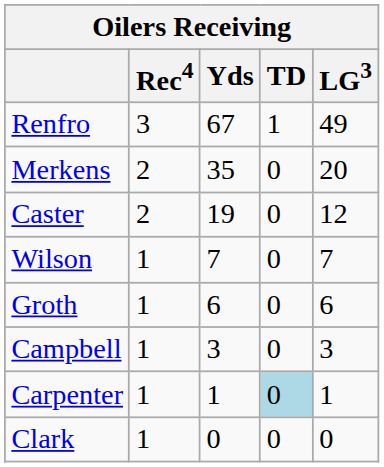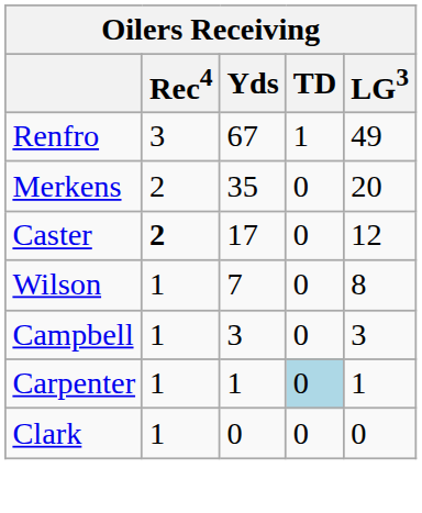 <table class="wikitable">
 <tr>
 <th colspan="5">Oilers Receiving</th>
 </tr>
 <tr>
 <th></th>
 <th>Rec<sup>4</sup></th>
 <th>Yds</th>
 <th>TD</th>
 <th>LG<sup>3</sup></th>
 </tr>
 <tr>
 <td><a href='#'>Renfro</a></td>
 <td>3</td>
 <td>67</td>
 <td>1</td>
 <td>49</td>
 </tr>
 <tr>
 <td><a href='#'>Merkens</a></td>
 <td>2</td>
 <td>35</td>
 <td>0</td>
 <td>20</td>
 </tr>
 <tr>
 <td><a href='#'>Caster</a></td>
-<td>2</td>
-<td>19</td>
+<td><strong>2</strong></td>
+<td>17</td>
 <td>0</td>
 <td>12</td>
 </tr>
 <tr>
 <td><a href='#'>Wilson</a></td>
 <td>1</td>
 <td>7</td>
 <td>0</td>
-<td>7</td>
-</tr>
-<tr>
-<td><a href='#'>Groth</a></td>
-<td>1</td>
-<td>6</td>
-<td>0</td>
-<td>6</td>
+<td>8</td>
 </tr>
 <tr>
 <td><a href='#'>Campbell</a></td>
 <td>1</td>
 <td>3</td>
 <td>0</td>
 <td>3</td>
 </tr>
 <tr>
 <td><a href='#'>Carpenter</a></td>
 <td>1</td>
 <td>1</td>
 <td style="background: lightblue;">0</td>
 <td>1</td>
 </tr>
 <tr>
 <td><a href='#'>Clark</a></td>
 <td>1</td>
 <td>0</td>
 <td>0</td>
 <td>0</td>
 </tr>
 </table>
